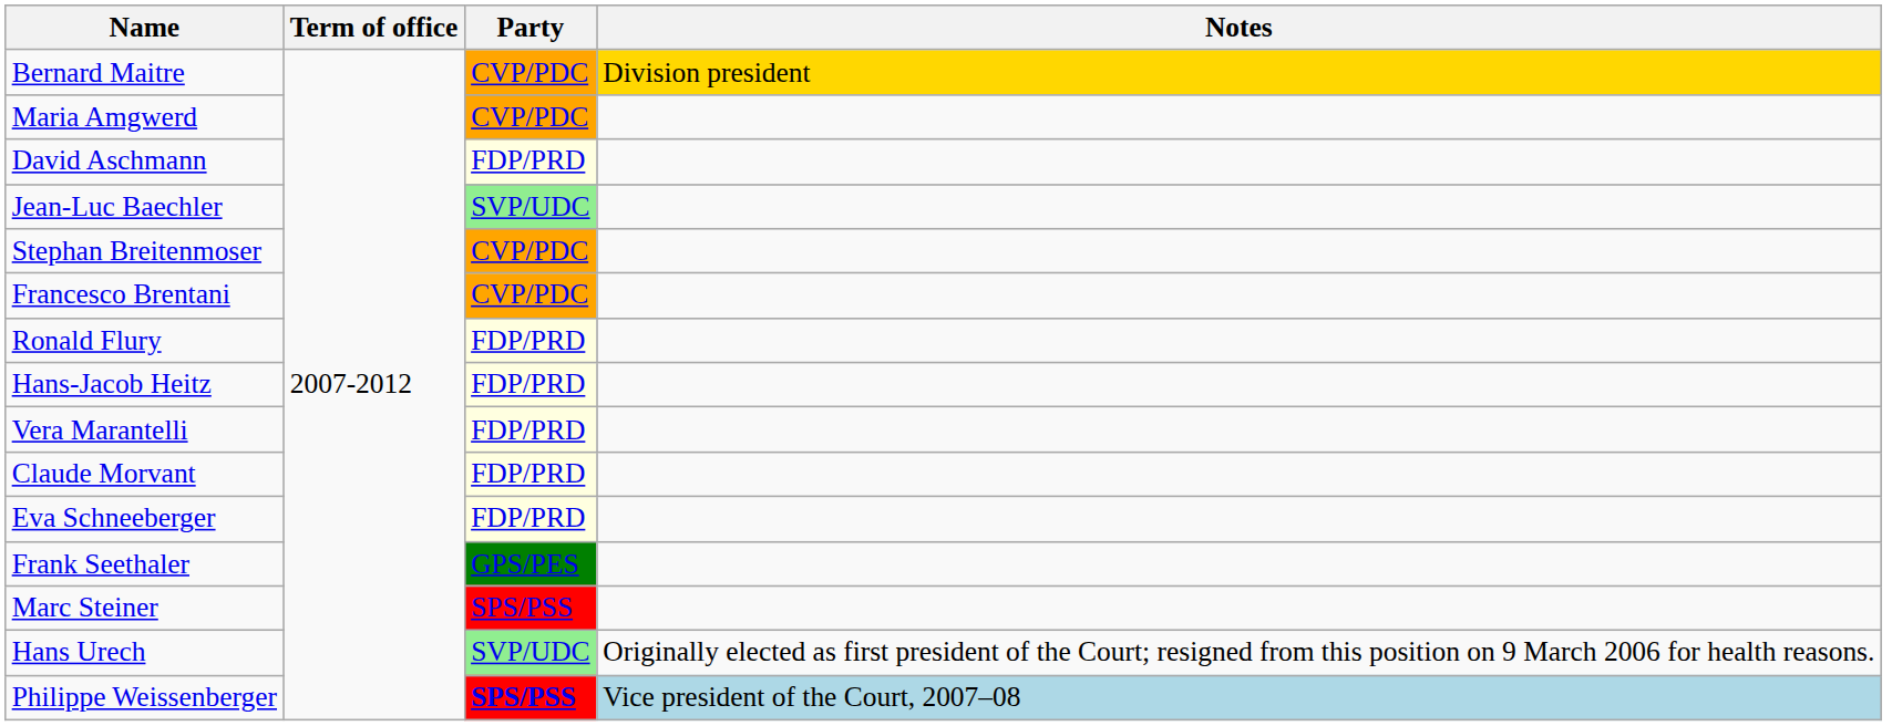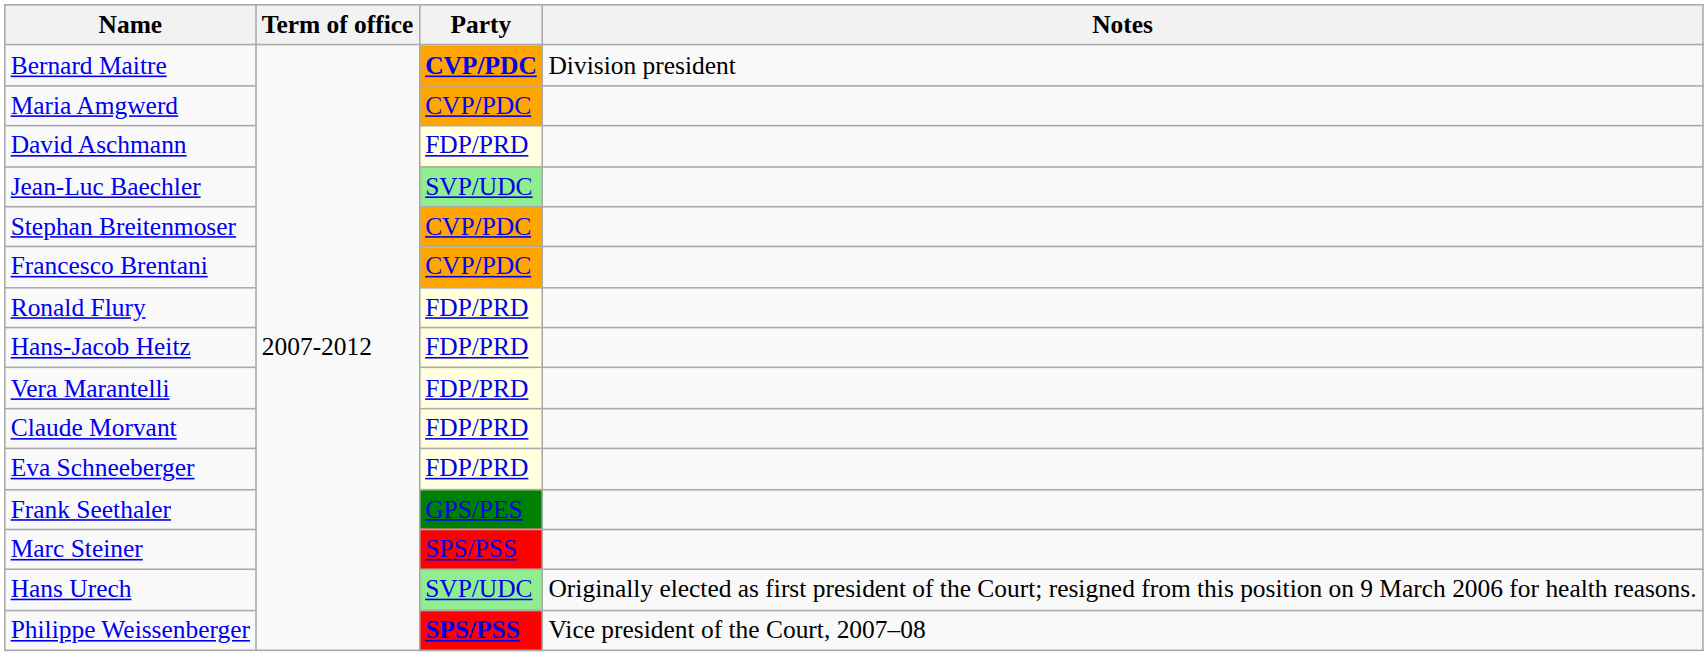 <table class="wikitable">
 <tr>
 <th>Name</th>
 <th>Term of office</th>
 <th>Party</th>
 <th>Notes</th>
 </tr>
 <tr>
 <td><a href='#'>Bernard Maitre</a></td>
 <td rowspan="15">2007-2012</td>
-<td style="background:orange"><a href='#'>CVP/PDC</a></td>
-<td style="background: gold;">Division president</td>
+<td style="background:orange"><strong><a href='#'>CVP/PDC</a></strong></td>
+<td>Division president</td>
 </tr>
 <tr>
 <td><a href='#'>Maria Amgwerd</a></td>
 <td style="background:orange"><a href='#'>CVP/PDC</a></td>
 <td></td>
 </tr>
 <tr>
 <td><a href='#'>David Aschmann</a></td>
 <td style="background:lightyellow"><a href='#'>FDP/PRD</a></td>
 <td></td>
 </tr>
 <tr>
 <td><a href='#'>Jean-Luc Baechler</a></td>
 <td style="background:lightgreen"><a href='#'>SVP/UDC</a></td>
 <td></td>
 </tr>
 <tr>
 <td><a href='#'>Stephan Breitenmoser</a></td>
 <td style="background:orange"><a href='#'>CVP/PDC</a></td>
 <td></td>
 </tr>
 <tr>
 <td><a href='#'>Francesco Brentani</a></td>
 <td style="background:orange"><a href='#'>CVP/PDC</a></td>
 <td></td>
 </tr>
 <tr>
 <td><a href='#'>Ronald Flury</a></td>
 <td style="background:lightyellow"><a href='#'>FDP/PRD</a></td>
 <td></td>
 </tr>
 <tr>
 <td><a href='#'>Hans-Jacob Heitz</a></td>
 <td style="background:lightyellow"><a href='#'>FDP/PRD</a></td>
 <td></td>
 </tr>
 <tr>
 <td><a href='#'>Vera Marantelli</a></td>
 <td style="background:lightyellow"><a href='#'>FDP/PRD</a></td>
 <td></td>
 </tr>
 <tr>
 <td><a href='#'>Claude Morvant</a></td>
 <td style="background:lightyellow"><a href='#'>FDP/PRD</a></td>
 <td></td>
 </tr>
 <tr>
 <td><a href='#'>Eva Schneeberger</a></td>
 <td style="background:lightyellow"><a href='#'>FDP/PRD</a></td>
 <td></td>
 </tr>
 <tr>
 <td><a href='#'>Frank Seethaler</a></td>
 <td style="background:green"><a href='#'>GPS/PES</a></td>
 <td></td>
 </tr>
 <tr>
 <td><a href='#'>Marc Steiner</a></td>
 <td style="background:red"><a href='#'>SPS/PSS</a></td>
 <td></td>
 </tr>
 <tr>
 <td><a href='#'>Hans Urech</a></td>
 <td style="background:lightgreen"><a href='#'>SVP/UDC</a></td>
 <td>Originally elected as first president of the Court; resigned from this position on 9 March 2006 for health reasons.</td>
 </tr>
 <tr>
 <td><a href='#'>Philippe Weissenberger</a></td>
 <td style="background:red"><strong><a href='#'>SPS/PSS</a></strong></td>
-<td style="background: lightblue;">Vice president of the Court, 2007–08</td>
+<td>Vice president of the Court, 2007–08</td>
 </tr>
 </table>
